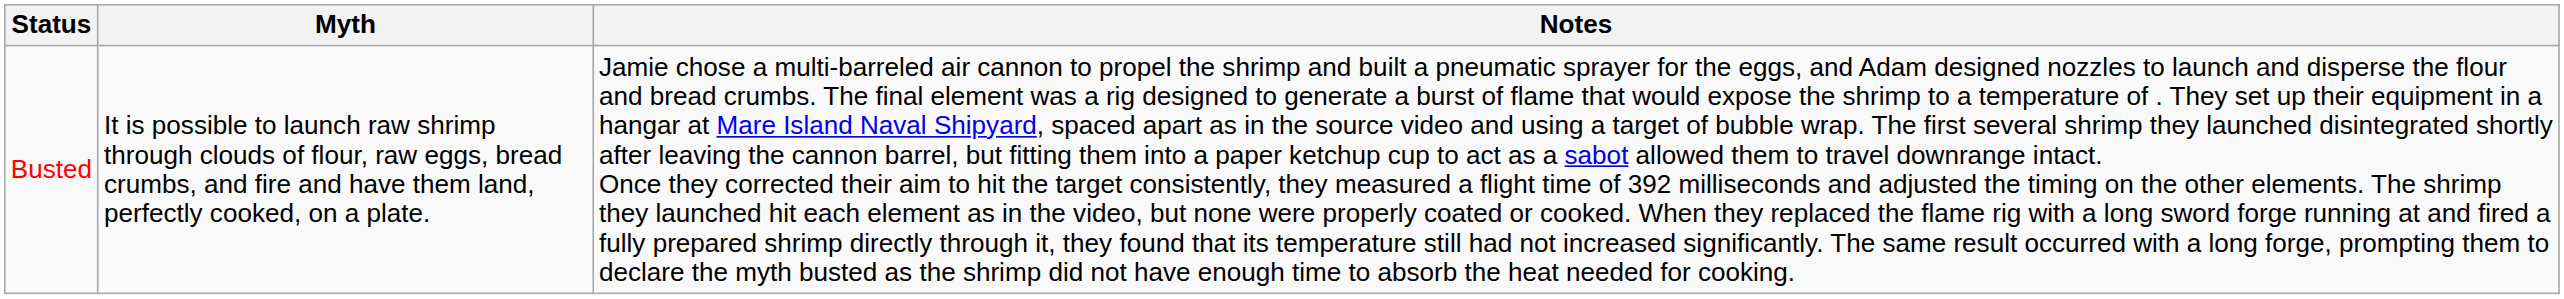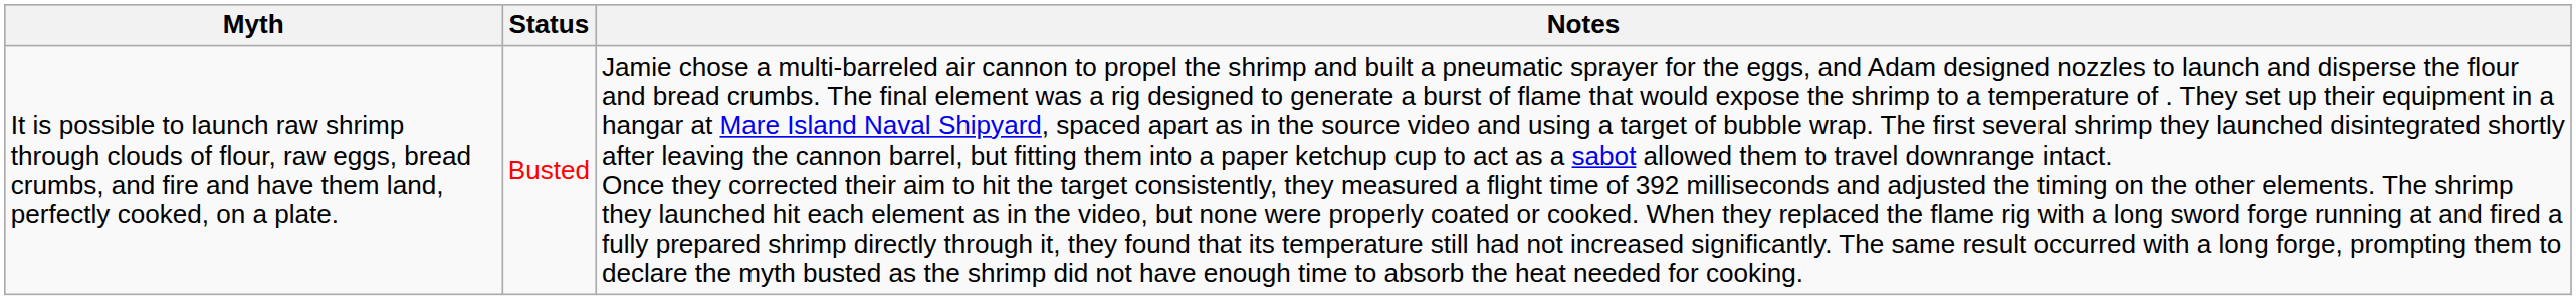 <table class="wikitable plainrowheaders">
 <tr>
+<th scope"col">Myth</th>
 <th scope"col">Status</th>
-<th scope"col">Myth</th>
 <th scope"col">Notes</th>
 </tr>
 <tr>
+<td scope"row">It is possible to launch raw shrimp through clouds of flour, raw eggs, bread crumbs, and fire and have them land, perfectly cooked, on a plate.</td>
 <td style="color:red">Busted</td>
-<td scope"row">It is possible to launch raw shrimp through clouds of flour, raw eggs, bread crumbs, and fire and have them land, perfectly cooked, on a plate.</td>
 <td>Jamie chose a multi-barreled air cannon to propel the shrimp and built a pneumatic sprayer for the eggs, and Adam designed nozzles to launch and disperse the flour and bread crumbs. The final element was a rig designed to generate a burst of flame that would expose the shrimp to a temperature of . They set up their equipment in a hangar at <a href='#'>Mare Island Naval Shipyard</a>, spaced apart as in the source video and using a target of bubble wrap. The first several shrimp they launched disintegrated shortly after leaving the cannon barrel, but fitting them into a paper ketchup cup to act as a <a href='#'>sabot</a> allowed them to travel downrange intact.<br>Once they corrected their aim to hit the target consistently, they measured a flight time of 392 milliseconds and adjusted the timing on the other elements. The shrimp they launched hit each element as in the video, but none were properly coated or cooked. When they replaced the flame rig with a  long sword forge running at  and fired a fully prepared shrimp directly through it, they found that its temperature still had not increased significantly. The same result occurred with a  long forge, prompting them to declare the myth busted as the shrimp did not have enough time to absorb the heat needed for cooking.</td>
 </tr>
 </table>
